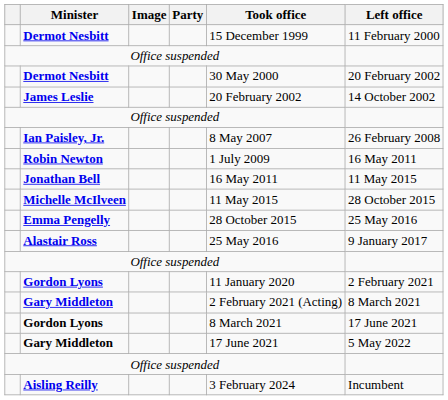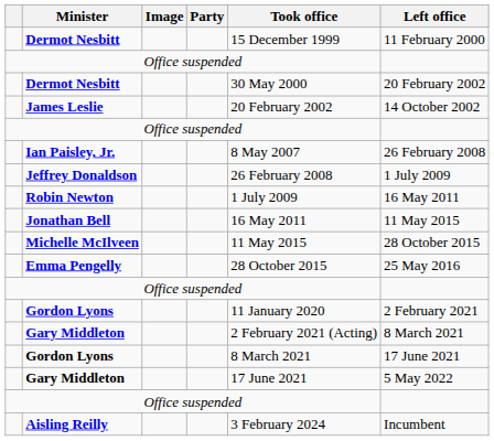 <table class="wikitable" style="margin: 1em auto 1em auto">
 <tr bgcolor=cccccc>
 <th></th>
 <th>Minister</th>
 <th>Image</th>
 <th>Party</th>
 <th>Took office</th>
 <th>Left office</th>
 </tr>
 <tr>
 <td style="background:">   </td>
 <td><strong><a href='#'>Dermot Nesbitt</a></strong></td>
 <td></td>
 <td></td>
 <td>15 December 1999</td>
 <td>11 February 2000</td>
 </tr>
 <tr>
 <td colspan="5" align="center"><em>Office suspended</em></td>
 <td></td>
 </tr>
 <tr>
 <td style="background:">   </td>
 <td><strong><a href='#'>Dermot Nesbitt</a></strong></td>
 <td></td>
 <td></td>
 <td>30 May 2000</td>
 <td>20 February 2002</td>
 </tr>
 <tr>
 <td style="background:">   </td>
 <td><strong><a href='#'>James Leslie</a></strong></td>
 <td></td>
 <td></td>
 <td>20 February 2002</td>
 <td>14 October 2002</td>
 </tr>
 <tr>
 <td colspan="5" align="center"><em>Office suspended</em></td>
 <td></td>
 </tr>
 <tr>
 <td style="background:">   </td>
 <td><strong><a href='#'>Ian Paisley, Jr.</a></strong></td>
 <td></td>
 <td></td>
 <td>8 May 2007</td>
 <td>26 February 2008</td>
 </tr>
 <tr>
 <td style="background:">   </td>
+<td><strong><a href='#'>Jeffrey Donaldson</a></strong></td>
+<td></td>
+<td></td>
+<td>26 February 2008</td>
+<td>1 July 2009</td>
+</tr>
+<tr>
+<td style="background:">   </td>
 <td><strong><a href='#'>Robin Newton</a></strong></td>
 <td></td>
 <td></td>
 <td>1 July 2009</td>
 <td>16 May 2011</td>
 </tr>
 <tr>
 <td style="background:">   </td>
 <td><strong><a href='#'>Jonathan Bell</a></strong></td>
 <td></td>
 <td></td>
 <td>16 May 2011</td>
 <td>11 May 2015</td>
 </tr>
 <tr>
 <td style="background:">   </td>
 <td><strong><a href='#'>Michelle McIlveen</a></strong></td>
 <td></td>
 <td></td>
 <td>11 May 2015</td>
 <td>28 October 2015</td>
 </tr>
 <tr>
 <td style="background:">   </td>
 <td><strong><a href='#'>Emma Pengelly</a></strong></td>
 <td></td>
 <td></td>
 <td>28 October 2015</td>
 <td>25 May 2016</td>
-</tr>
-<tr>
-<td style="background:">   </td>
-<td><strong><a href='#'>Alastair Ross</a></strong></td>
-<td></td>
-<td></td>
-<td>25 May 2016</td>
-<td>9 January 2017</td>
 </tr>
 <tr>
 <td colspan="5" align="center"><em>Office suspended</em></td>
 <td></td>
 </tr>
 <tr>
 <td style="background:">   </td>
 <td><strong><a href='#'>Gordon Lyons</a></strong></td>
 <td></td>
 <td></td>
 <td>11 January 2020</td>
 <td>2 February 2021</td>
 </tr>
 <tr>
 <td style="background:">   </td>
 <td><strong><a href='#'>Gary Middleton</a></strong></td>
 <td></td>
 <td></td>
 <td>2 February 2021 (Acting)</td>
 <td>8 March 2021</td>
 </tr>
 <tr>
 <td style="background:">   </td>
 <td><strong>Gordon Lyons</strong></td>
 <td></td>
 <td></td>
 <td>8 March 2021</td>
 <td>17 June 2021</td>
 </tr>
 <tr>
 <td style="background:">   </td>
 <td><strong>Gary Middleton</strong></td>
 <td></td>
 <td></td>
 <td>17 June 2021</td>
 <td>5 May 2022</td>
 </tr>
 <tr>
 <td colspan="5" align="center"><em>Office suspended</em></td>
 <td></td>
 </tr>
 <tr>
 <td style="background:">   </td>
 <td><strong><a href='#'>Aisling Reilly</a></strong></td>
 <td></td>
 <td></td>
 <td>3 February 2024</td>
 <td>Incumbent</td>
 </tr>
 </table>
